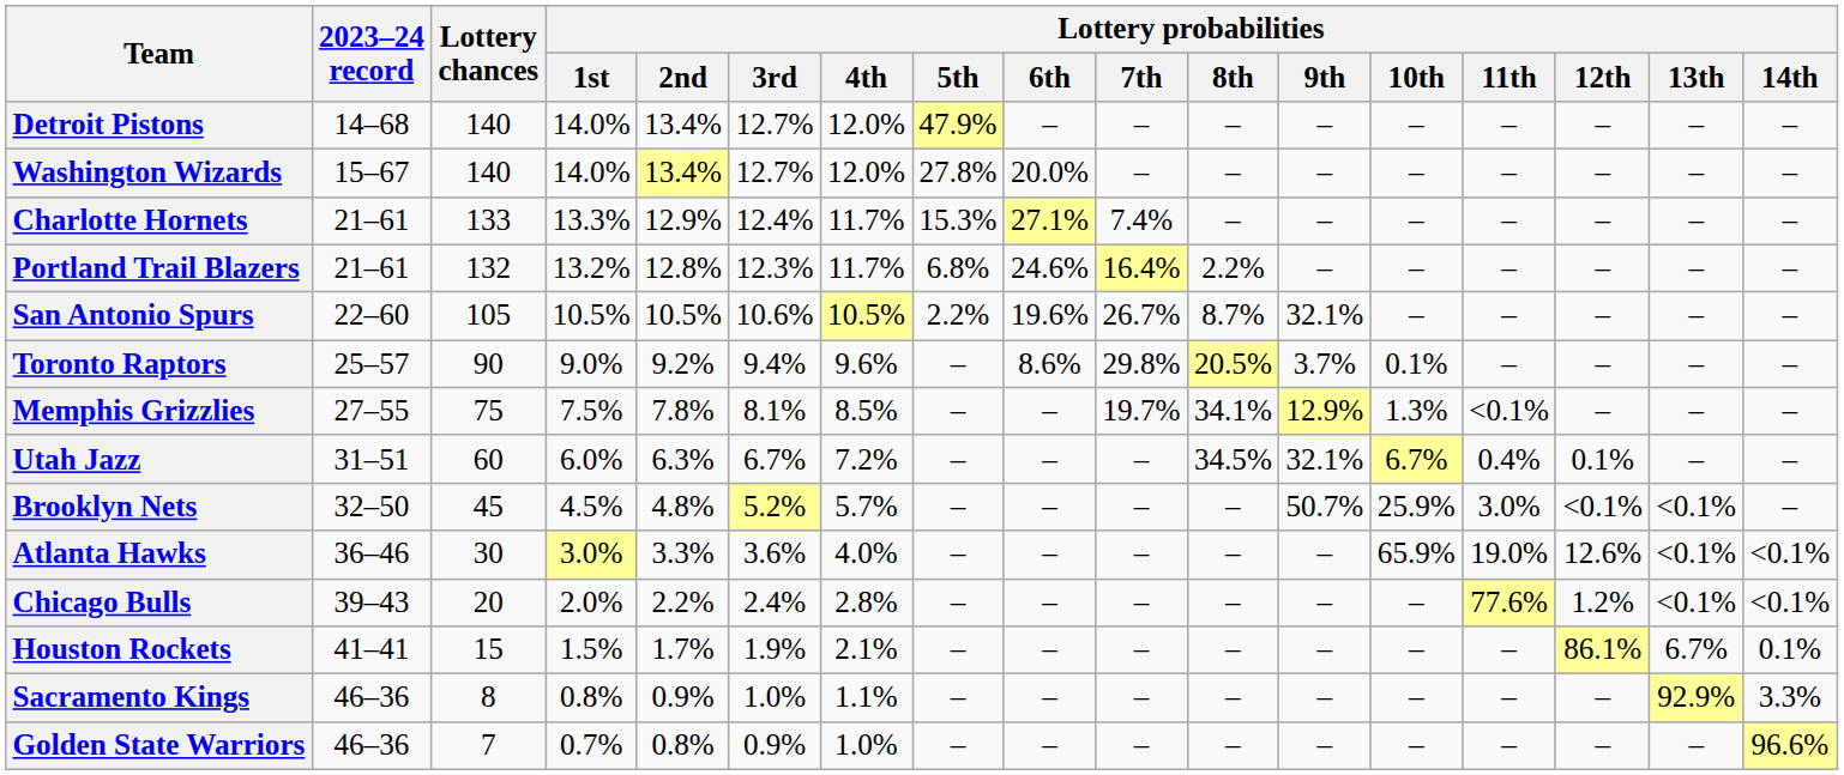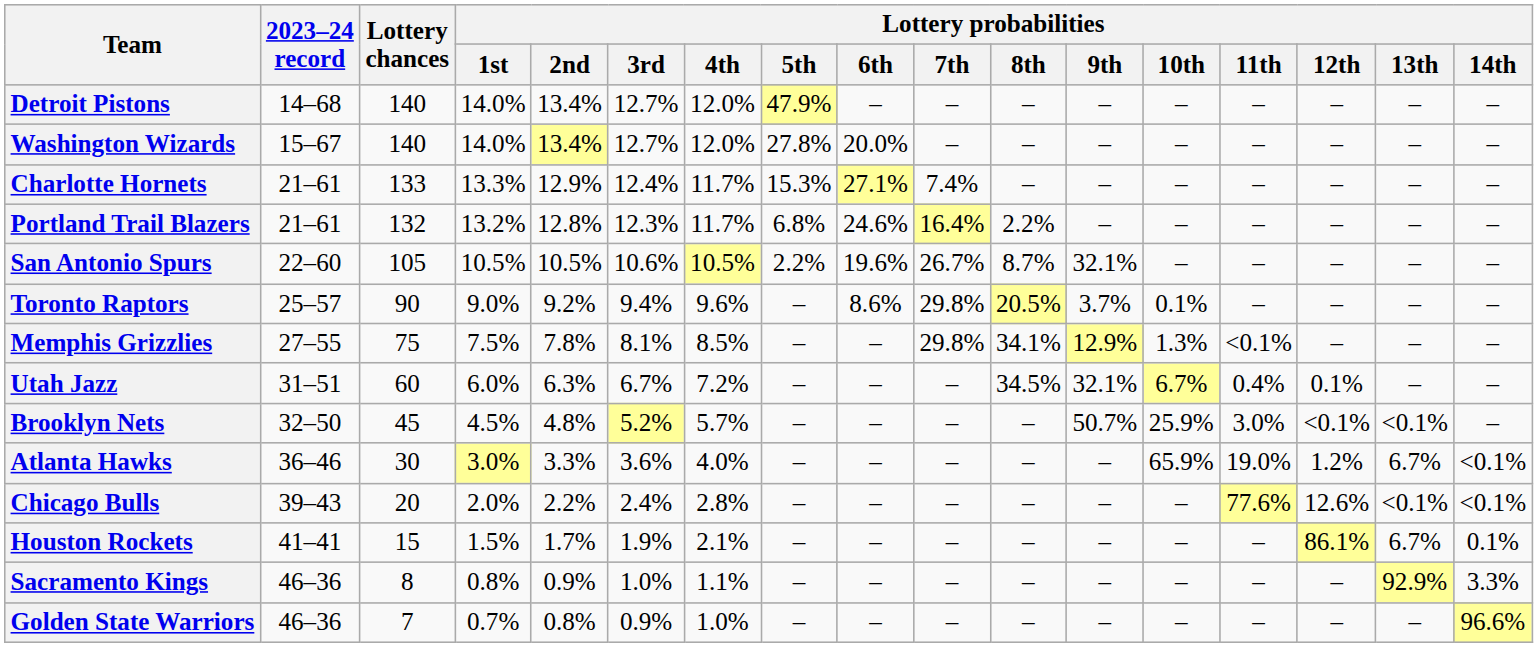 <table class="wikitable plainrowheaders" style="text-align:center">
 <tr>
 <th scope="col" rowspan="2">Team</th>
 <th scope="col" rowspan="2"><a href='#'>2023–24<br>record</a></th>
 <th scope="col" rowspan="2">Lottery<br>chances</th>
 <th scope="col" colspan="14">Lottery probabilities</th>
 </tr>
 <tr>
 <th>1st</th>
 <th>2nd</th>
 <th>3rd</th>
 <th>4th</th>
 <th>5th</th>
 <th>6th</th>
 <th>7th</th>
 <th>8th</th>
 <th>9th</th>
 <th>10th</th>
 <th>11th</th>
 <th>12th</th>
 <th>13th</th>
 <th>14th</th>
 </tr>
 <tr>
 <th scope="row" style="text-align:left;"><a href='#'>Detroit Pistons</a></th>
 <td>14–68</td>
 <td>140</td>
 <td>14.0%</td>
 <td>13.4%</td>
 <td>12.7%</td>
 <td>12.0%</td>
 <td style="background:#ff9;">47.9%</td>
 <td>–</td>
 <td>–</td>
 <td>–</td>
 <td>–</td>
 <td>–</td>
 <td>–</td>
 <td>–</td>
 <td>–</td>
 <td>–</td>
 </tr>
 <tr>
 <th scope="row" style="text-align:left;"><a href='#'>Washington Wizards</a></th>
 <td>15–67</td>
 <td>140</td>
 <td>14.0%</td>
 <td style="background:#ff9;">13.4%</td>
 <td>12.7%</td>
 <td>12.0%</td>
 <td>27.8%</td>
 <td>20.0%</td>
 <td>–</td>
 <td>–</td>
 <td>–</td>
 <td>–</td>
 <td>–</td>
 <td>–</td>
 <td>–</td>
 <td>–</td>
 </tr>
 <tr>
 <th scope="row" style="text-align:left;"><a href='#'>Charlotte Hornets</a></th>
 <td>21–61</td>
 <td>133</td>
 <td>13.3%</td>
 <td>12.9%</td>
 <td>12.4%</td>
 <td>11.7%</td>
 <td>15.3%</td>
 <td style="background:#ff9;">27.1%</td>
 <td>7.4%</td>
 <td>–</td>
 <td>–</td>
 <td>–</td>
 <td>–</td>
 <td>–</td>
 <td>–</td>
 <td>–</td>
 </tr>
 <tr>
 <th scope="row" style="text-align:left;"><a href='#'>Portland Trail Blazers</a></th>
 <td>21–61</td>
 <td>132</td>
 <td>13.2%</td>
 <td>12.8%</td>
 <td>12.3%</td>
 <td>11.7%</td>
 <td>6.8%</td>
 <td>24.6%</td>
 <td style="background:#ff9;">16.4%</td>
 <td>2.2%</td>
 <td>–</td>
 <td>–</td>
 <td>–</td>
 <td>–</td>
 <td>–</td>
 <td>–</td>
 </tr>
 <tr>
 <th scope="row" style="text-align:left;"><a href='#'>San Antonio Spurs</a></th>
 <td>22–60</td>
 <td>105</td>
 <td>10.5%</td>
 <td>10.5%</td>
 <td>10.6%</td>
 <td style="background:#ff9;">10.5%</td>
 <td>2.2%</td>
 <td>19.6%</td>
 <td>26.7%</td>
 <td>8.7%</td>
 <td>32.1%</td>
 <td>–</td>
 <td>–</td>
 <td>–</td>
 <td>–</td>
 <td>–</td>
 </tr>
 <tr>
 <th scope="row" style="text-align:left;"><a href='#'>Toronto Raptors</a> </th>
 <td>25–57</td>
 <td>90</td>
 <td>9.0%</td>
 <td>9.2%</td>
 <td>9.4%</td>
 <td>9.6%</td>
 <td>–</td>
 <td>8.6%</td>
 <td>29.8%</td>
 <td style="background:#ff9;">20.5%</td>
 <td>3.7%</td>
 <td>0.1%</td>
 <td>–</td>
 <td>–</td>
 <td>–</td>
 <td>–</td>
 </tr>
 <tr>
 <th scope="row" style="text-align:left;"><a href='#'>Memphis Grizzlies</a></th>
 <td>27–55</td>
 <td>75</td>
 <td>7.5%</td>
 <td>7.8%</td>
 <td>8.1%</td>
 <td>8.5%</td>
 <td>–</td>
 <td>–</td>
-<td>19.7%</td>
+<td>29.8%</td>
 <td>34.1%</td>
 <td style="background:#ff9;">12.9%</td>
 <td>1.3%</td>
 <td><0.1%</td>
 <td>–</td>
 <td>–</td>
 <td>–</td>
 </tr>
 <tr>
 <th scope="row" style="text-align:left;"><a href='#'>Utah Jazz</a></th>
 <td>31–51</td>
 <td>60</td>
 <td>6.0%</td>
 <td>6.3%</td>
 <td>6.7%</td>
 <td>7.2%</td>
 <td>–</td>
 <td>–</td>
 <td>–</td>
 <td>34.5%</td>
 <td>32.1%</td>
 <td style="background:#ff9;">6.7%</td>
 <td>0.4%</td>
 <td>0.1%</td>
 <td>–</td>
 <td>–</td>
 </tr>
 <tr>
 <th scope="row" style="text-align:left;"><a href='#'>Brooklyn Nets</a> </th>
 <td>32–50</td>
 <td>45</td>
 <td>4.5%</td>
 <td>4.8%</td>
 <td style="background:#ff9;">5.2%</td>
 <td>5.7%</td>
 <td>–</td>
 <td>–</td>
 <td>–</td>
 <td>–</td>
 <td>50.7%</td>
 <td>25.9%</td>
 <td>3.0%</td>
 <td><0.1%</td>
 <td><0.1%</td>
 <td>–</td>
 </tr>
 <tr>
 <th scope="row" style="text-align:left;"><a href='#'>Atlanta Hawks</a></th>
 <td>36–46</td>
 <td>30</td>
 <td style="background:#ff9;">3.0%</td>
 <td>3.3%</td>
 <td>3.6%</td>
 <td>4.0%</td>
 <td>–</td>
 <td>–</td>
 <td>–</td>
 <td>–</td>
 <td>–</td>
 <td>65.9%</td>
 <td>19.0%</td>
-<td>12.6%</td>
-<td><0.1%</td>
+<td>1.2%</td>
+<td>6.7%</td>
 <td><0.1%</td>
 </tr>
 <tr>
 <th scope="row" style="text-align:left;"><a href='#'>Chicago Bulls</a></th>
 <td>39–43</td>
 <td>20</td>
 <td>2.0%</td>
 <td>2.2%</td>
 <td>2.4%</td>
 <td>2.8%</td>
 <td>–</td>
 <td>–</td>
 <td>–</td>
 <td>–</td>
 <td>–</td>
 <td>–</td>
 <td style="background:#ff9;">77.6%</td>
-<td>1.2%</td>
+<td>12.6%</td>
 <td><0.1%</td>
 <td><0.1%</td>
 </tr>
 <tr>
 <th scope="row" style="text-align:left;"><a href='#'>Houston Rockets</a> </th>
 <td>41–41</td>
 <td>15</td>
 <td>1.5%</td>
 <td>1.7%</td>
 <td>1.9%</td>
 <td>2.1%</td>
 <td>–</td>
 <td>–</td>
 <td>–</td>
 <td>–</td>
 <td>–</td>
 <td>–</td>
 <td>–</td>
 <td style="background:#ff9;">86.1%</td>
 <td>6.7%</td>
 <td>0.1%</td>
 </tr>
 <tr>
 <th scope="row" style="text-align:left;"><a href='#'>Sacramento Kings</a></th>
 <td>46–36</td>
 <td>8</td>
 <td>0.8%</td>
 <td>0.9%</td>
 <td>1.0%</td>
 <td>1.1%</td>
 <td>–</td>
 <td>–</td>
 <td>–</td>
 <td>–</td>
 <td>–</td>
 <td>–</td>
 <td>–</td>
 <td>–</td>
 <td style="background:#ff9;">92.9%</td>
 <td>3.3%</td>
 </tr>
 <tr>
 <th scope="row" style="text-align:left;"><a href='#'>Golden State Warriors</a> </th>
 <td>46–36</td>
 <td>7</td>
 <td>0.7%</td>
 <td>0.8%</td>
 <td>0.9%</td>
 <td>1.0%</td>
 <td>–</td>
 <td>–</td>
 <td>–</td>
 <td>–</td>
 <td>–</td>
 <td>–</td>
 <td>–</td>
 <td>–</td>
 <td>–</td>
 <td style="background:#ff9;">96.6%</td>
 </tr>
 </table>
